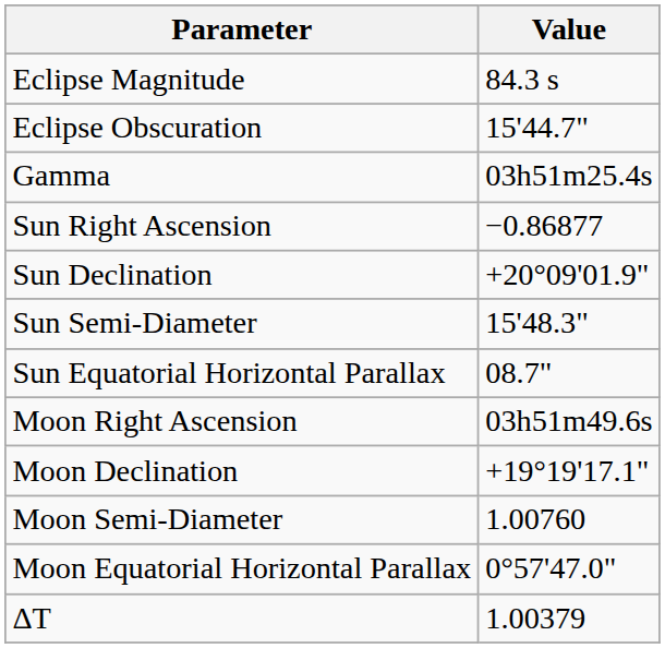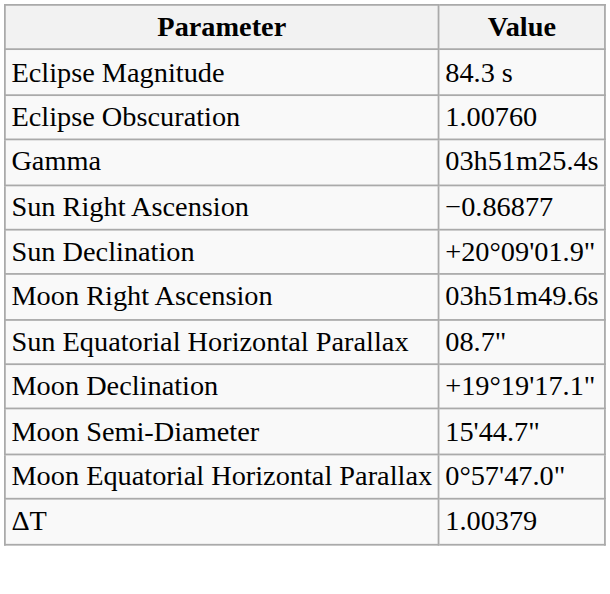 <table class="wikitable">
 <tr>
 <th>Parameter</th>
 <th>Value</th>
 </tr>
 <tr>
 <td>Eclipse Magnitude</td>
 <td>84.3 s</td>
 </tr>
 <tr>
 <td>Eclipse Obscuration</td>
-<td>15'44.7"</td>
+<td>1.00760</td>
 </tr>
 <tr>
 <td>Gamma</td>
 <td>03h51m25.4s</td>
 </tr>
 <tr>
 <td>Sun Right Ascension</td>
 <td>−0.86877</td>
 </tr>
 <tr>
 <td>Sun Declination</td>
 <td>+20°09'01.9"</td>
 </tr>
 <tr>
-<td>Sun Semi-Diameter</td>
-<td>15'48.3"</td>
+<td>Moon Right Ascension</td>
+<td>03h51m49.6s</td>
 </tr>
 <tr>
 <td>Sun Equatorial Horizontal Parallax</td>
 <td>08.7"</td>
-</tr>
-<tr>
-<td>Moon Right Ascension</td>
-<td>03h51m49.6s</td>
 </tr>
 <tr>
 <td>Moon Declination</td>
 <td>+19°19'17.1"</td>
 </tr>
 <tr>
 <td>Moon Semi-Diameter</td>
-<td>1.00760</td>
+<td>15'44.7"</td>
 </tr>
 <tr>
 <td>Moon Equatorial Horizontal Parallax</td>
 <td>0°57'47.0"</td>
 </tr>
 <tr>
 <td>ΔT</td>
 <td>1.00379</td>
 </tr>
 </table>
